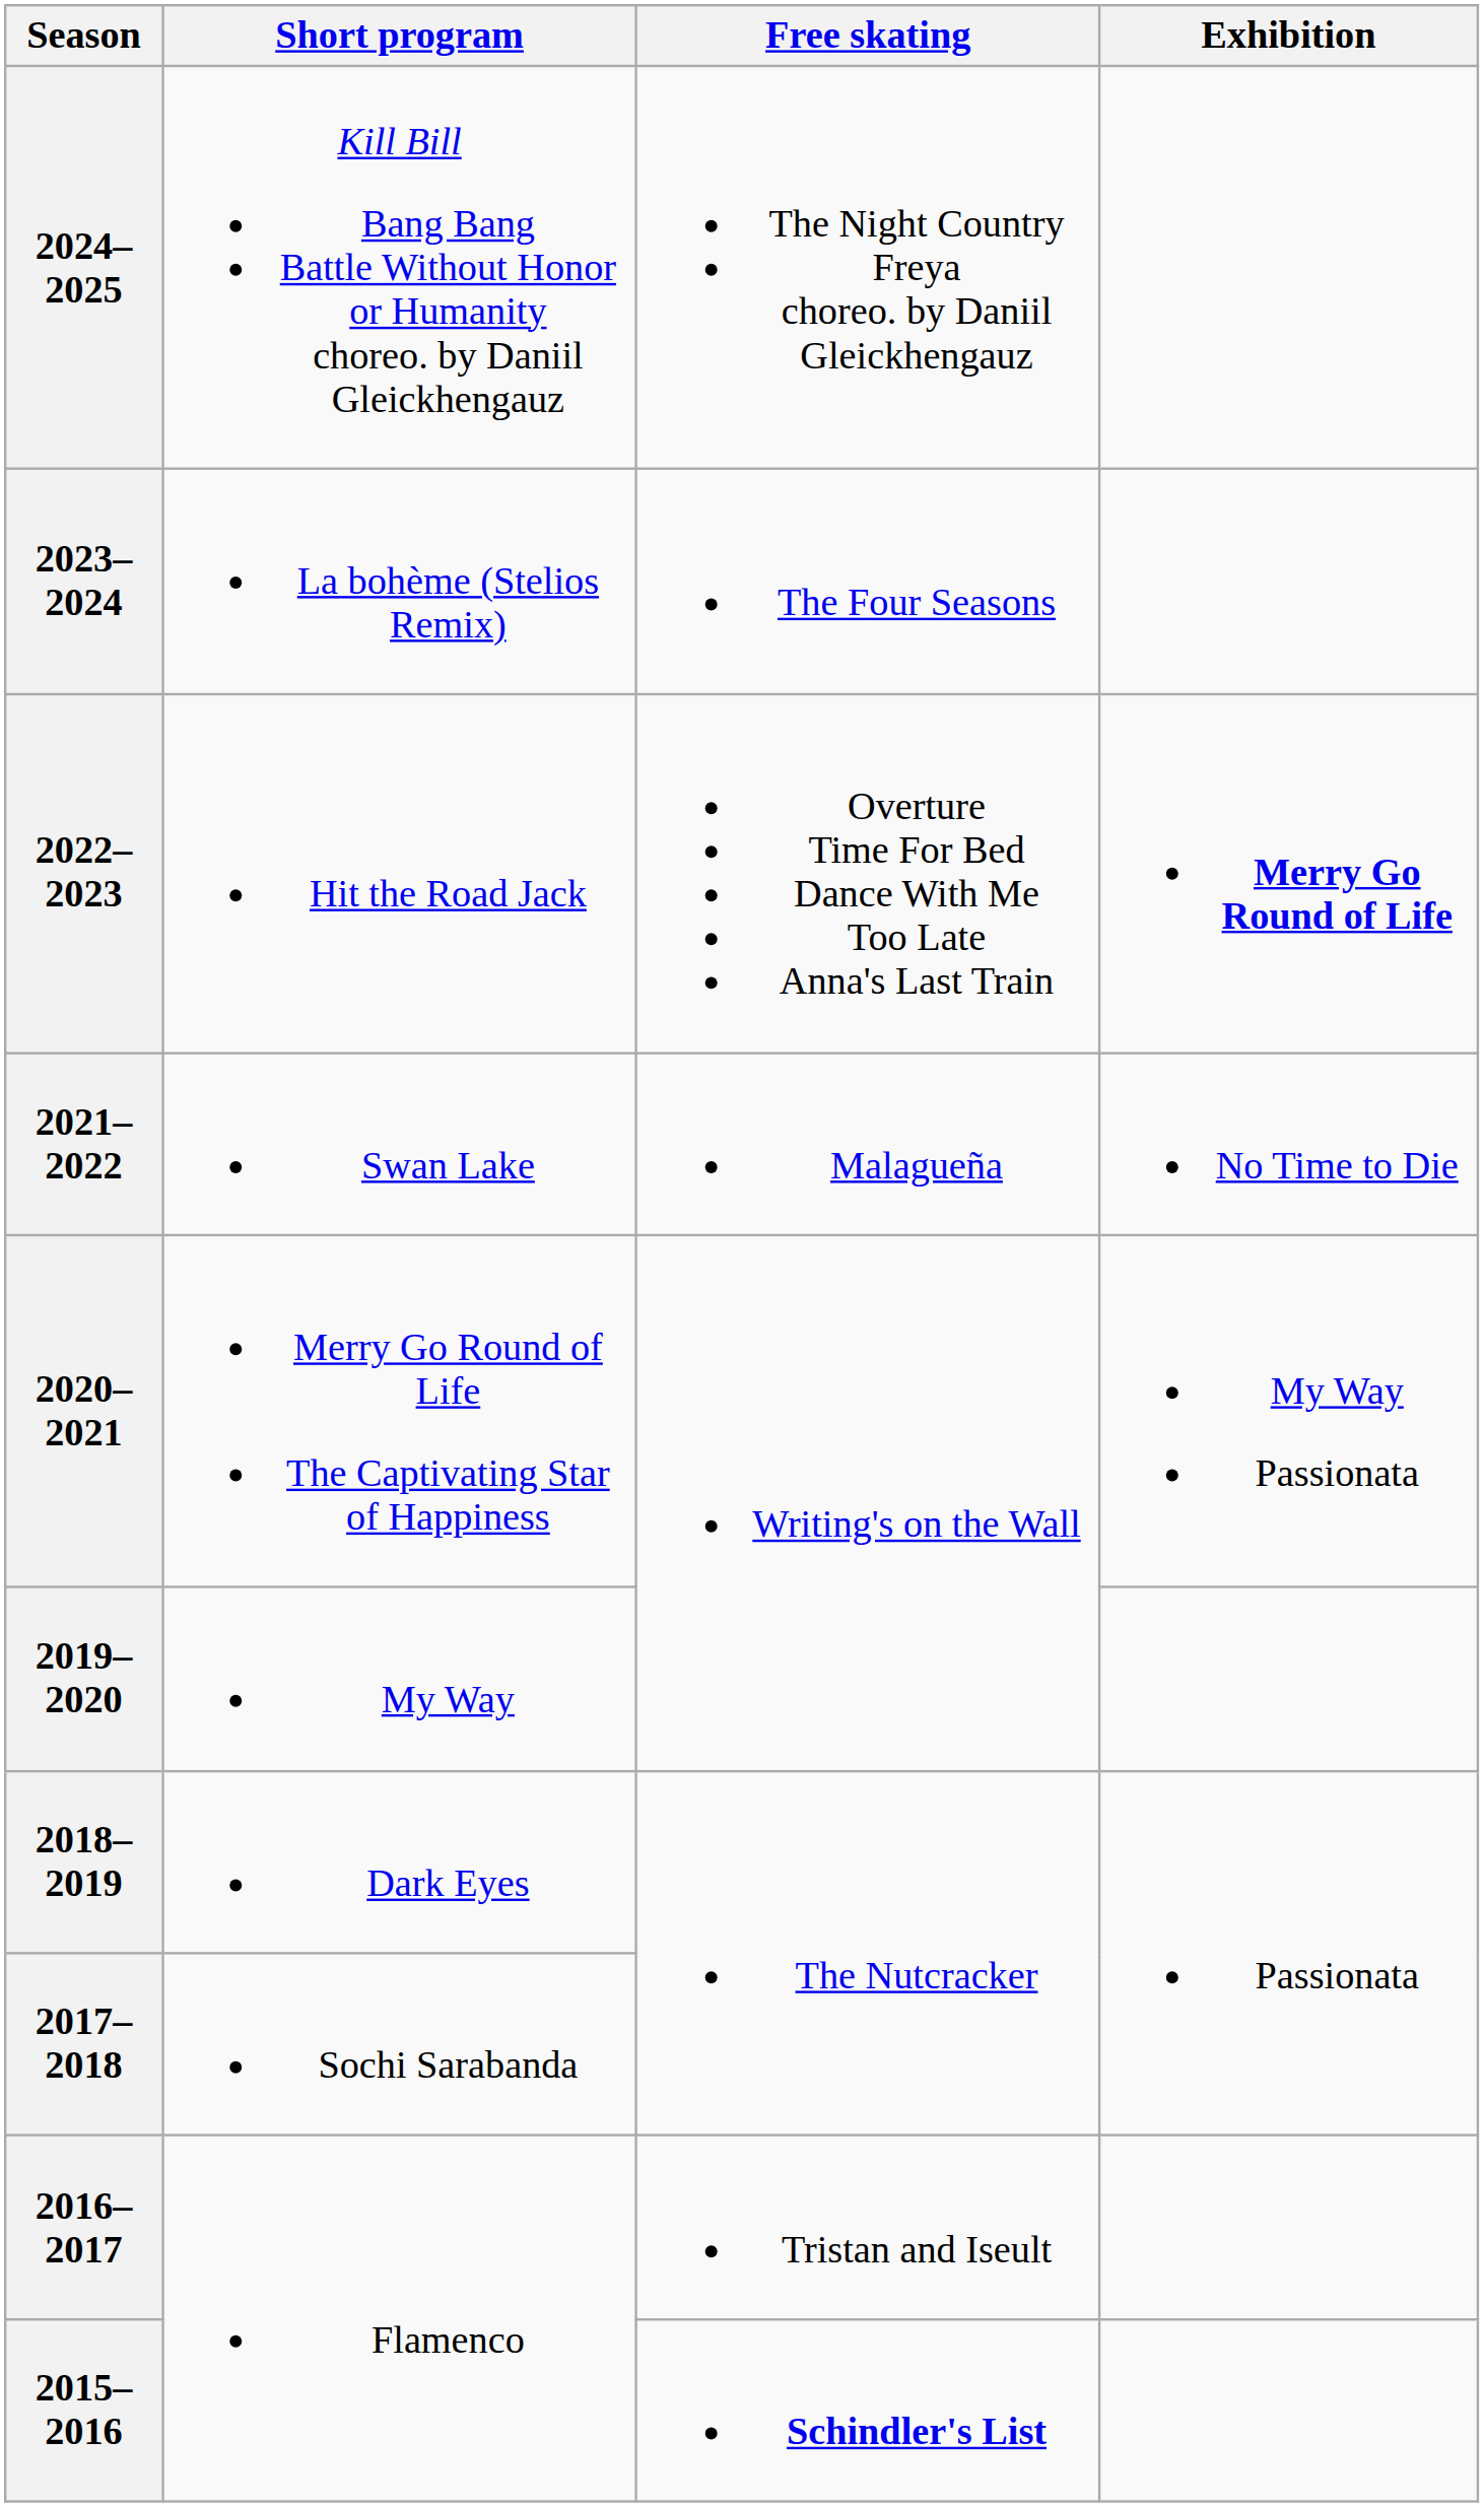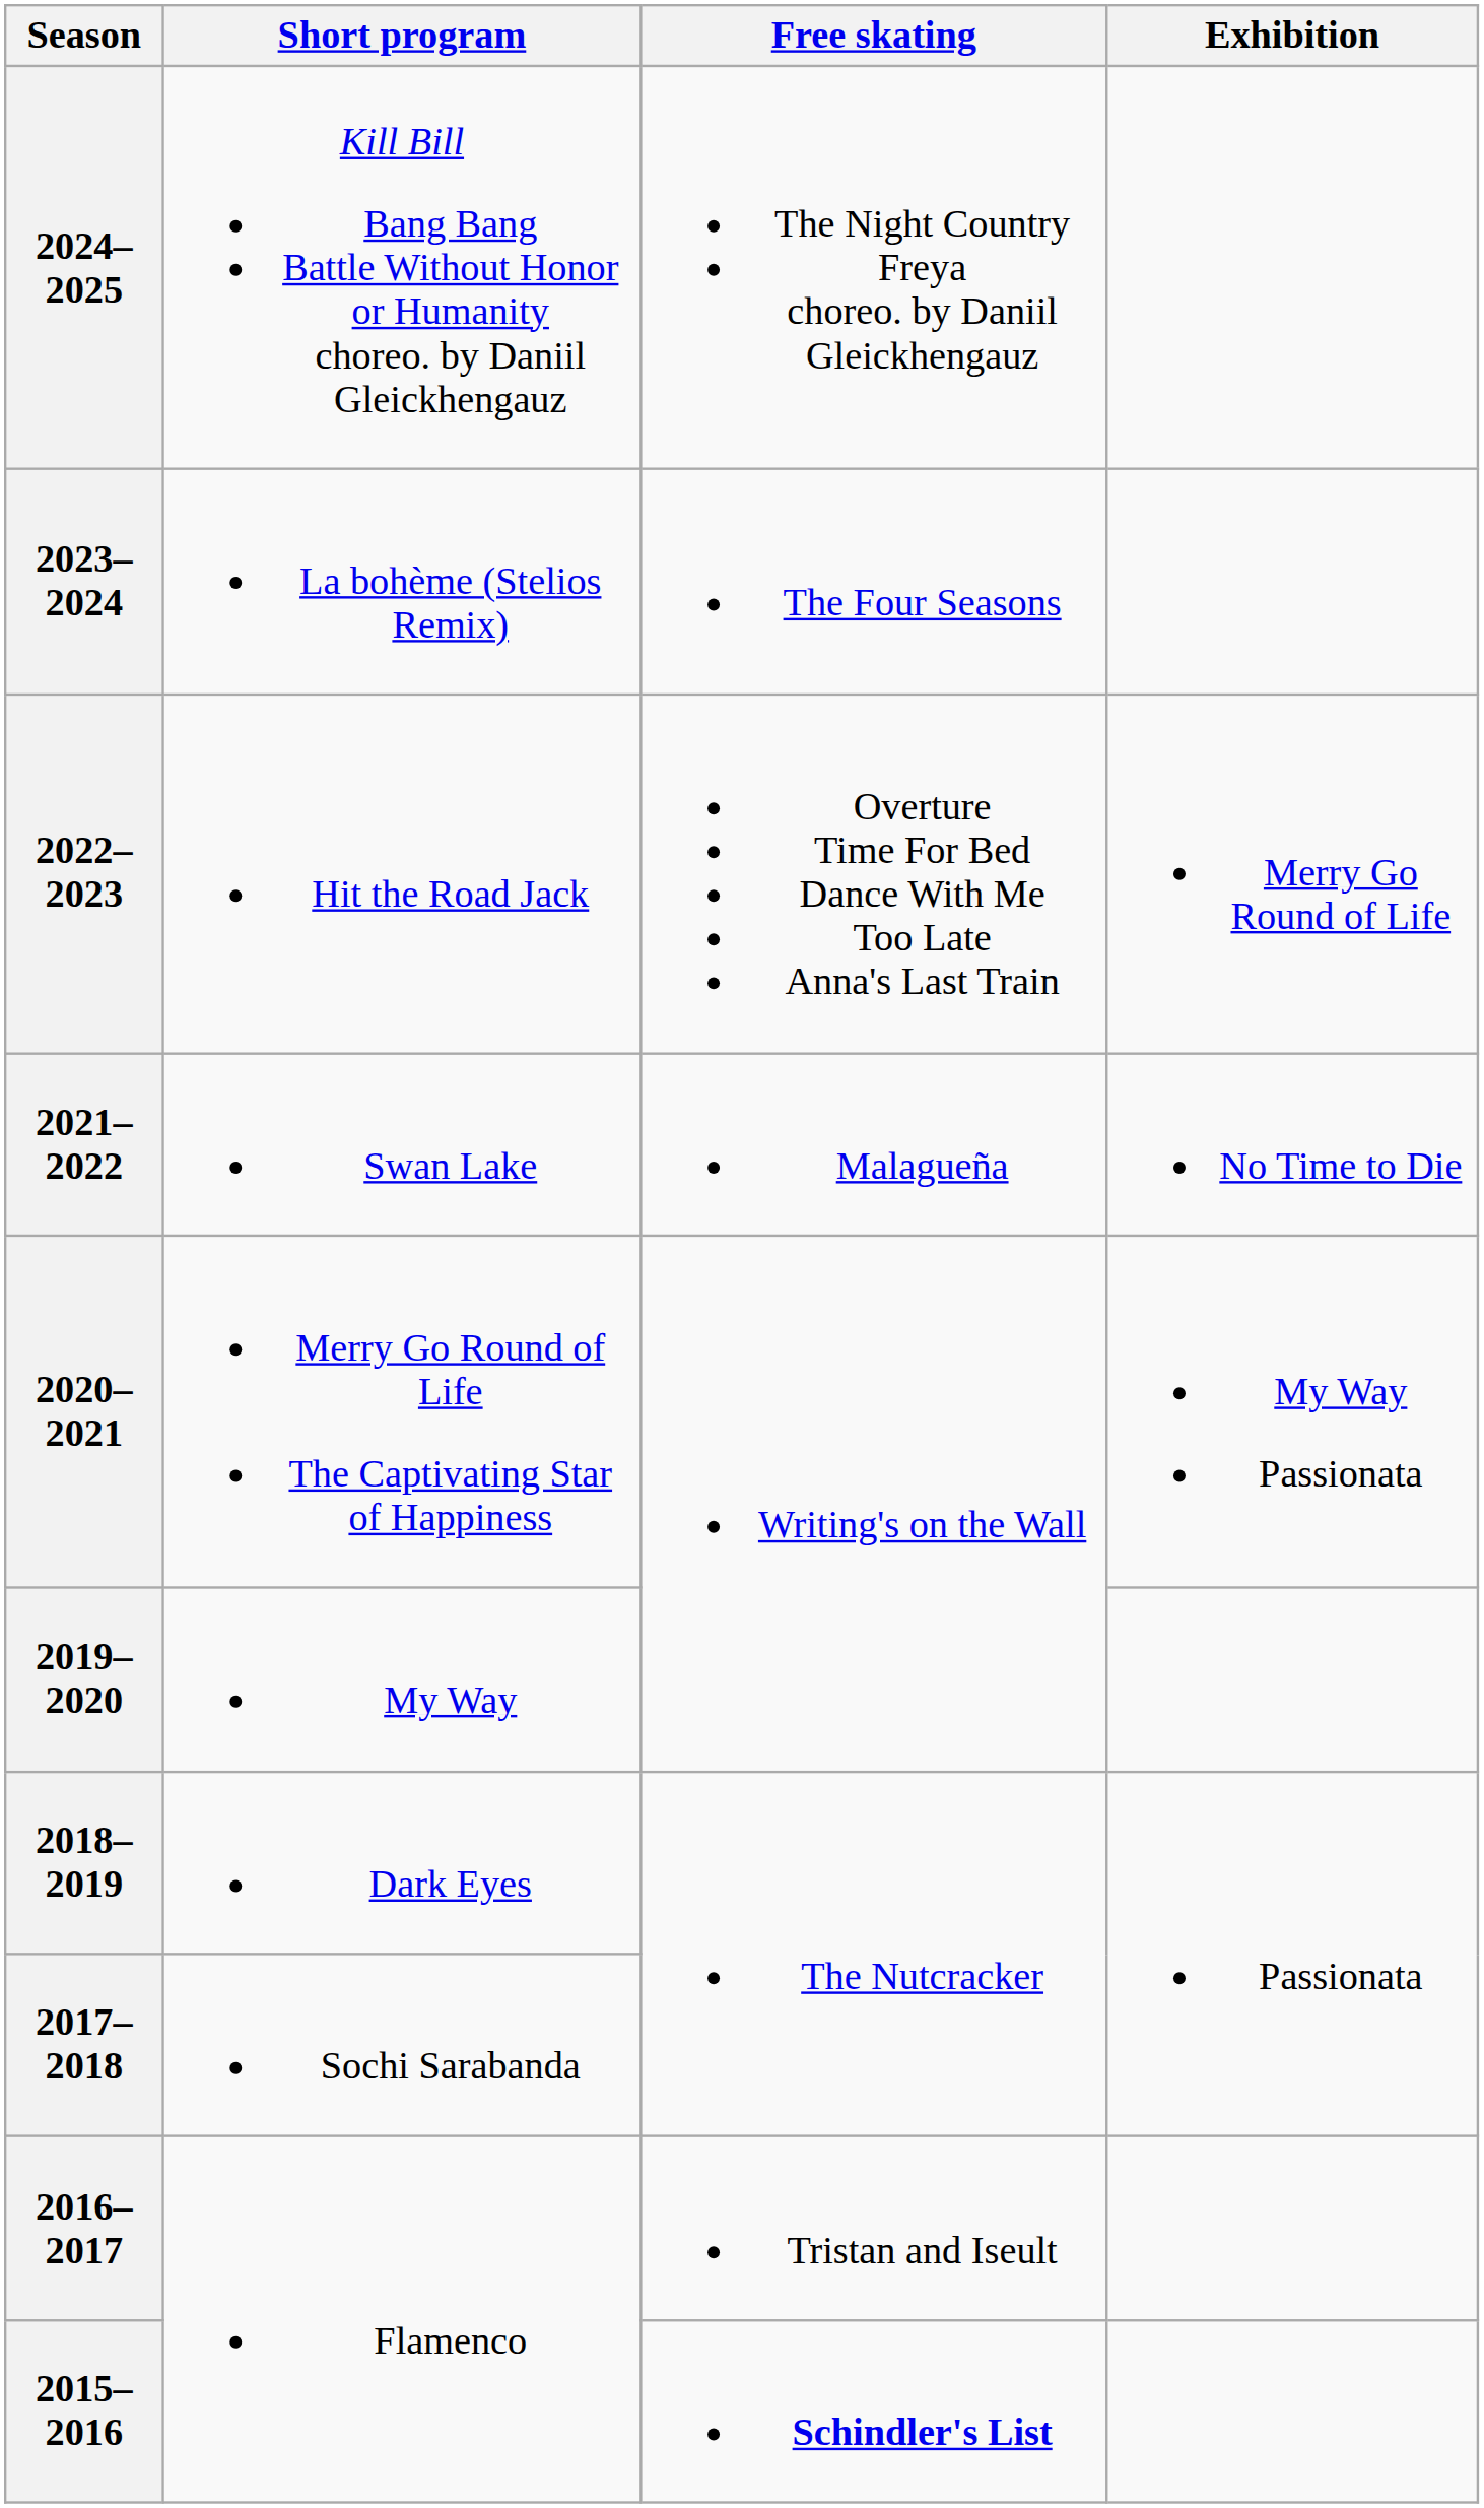 <table class=wikitable style=text-align:center>
 <tr>
 <th>Season</th>
 <th><a href='#'>Short program</a></th>
 <th><a href='#'>Free skating</a></th>
 <th>Exhibition</th>
 </tr>
 <tr>
 <th>2024–2025</th>
 <td><br><em><a href='#'>Kill Bill</a></em><ul><li><a href='#'>Bang Bang</a> <br> </li><li><a href='#'>Battle Without Honor or Humanity</a> <br>  choreo. by Daniil Gleickhengauz</li></ul></td>
 <td><br><ul><li>The Night Country <br> </li><li>Freya <br>  choreo. by Daniil Gleickhengauz</li></ul></td>
 </tr>
 <tr>
 <th>2023–2024<br></th>
 <td><br><ul><li><a href='#'>La bohème (Stelios Remix)</a> <br> </li></ul></td>
 <td><br><ul><li><a href='#'>The Four Seasons</a><br> </li></ul></td>
 <td></td>
 </tr>
 <tr>
 <th>2022–2023</th>
 <td><br><ul><li><a href='#'>Hit the Road Jack</a> <br> </li></ul></td>
 <td><br><ul><li>Overture</li><li>Time For Bed</li><li>Dance With Me</li><li>Too Late</li><li>Anna's Last Train<br> </li></ul></td>
-<td><strong><br><ul><li><a href='#'>Merry Go Round of Life</a> <br> </li></ul></strong></td>
+<td><br><ul><li><a href='#'>Merry Go Round of Life</a> <br> </li></ul></td>
 </tr>
 <tr>
 <th>2021–2022 <br> </th>
 <td><br><ul><li><a href='#'>Swan Lake</a> <br> </li></ul></td>
 <td><br><ul><li><a href='#'>Malagueña</a> <br> </li></ul></td>
 <td><br><ul><li><a href='#'>No Time to Die</a> <br> </li></ul></td>
 </tr>
 <tr>
 <th>2020–2021 <br> </th>
 <td><br><ul><li><a href='#'>Merry Go Round of Life</a> <br> </li></ul><ul><li><a href='#'>The Captivating Star of Happiness</a> <br> </li></ul></td>
 <td rowspan=2><br><ul><li><a href='#'>Writing's on the Wall</a> <br> </li></ul></td>
 <td><br><ul><li><a href='#'>My Way</a> <br></li></ul><ul><li>Passionata <br></li></ul></td>
 </tr>
 <tr>
 <th>2019–2020 <br> </th>
 <td><br><ul><li><a href='#'>My Way</a> <br></li></ul></td>
 <td></td>
 </tr>
 <tr>
 <th>2018–2019 <br> </th>
 <td><br><ul><li><a href='#'>Dark Eyes</a> <br></li></ul></td>
 <td rowspan=2><br><ul><li><a href='#'>The Nutcracker</a> <br></li></ul></td>
 <td rowspan=2><br><ul><li>Passionata <br></li></ul></td>
 </tr>
 <tr>
 <th>2017–2018 <br> </th>
 <td><br><ul><li>Sochi Sarabanda <br></li></ul></td>
 </tr>
 <tr>
 <th>2016–2017 <br> </th>
 <td rowspan=2><br><ul><li>Flamenco <br></li></ul></td>
 <td><br><ul><li>Tristan and Iseult  <br></li></ul></td>
 <td></td>
 </tr>
 <tr>
 <th>2015–2016</th>
 <td><strong><br><ul><li><a href='#'>Schindler's List</a> <br></li></ul></strong></td>
 <td></td>
 </tr>
 </table>
